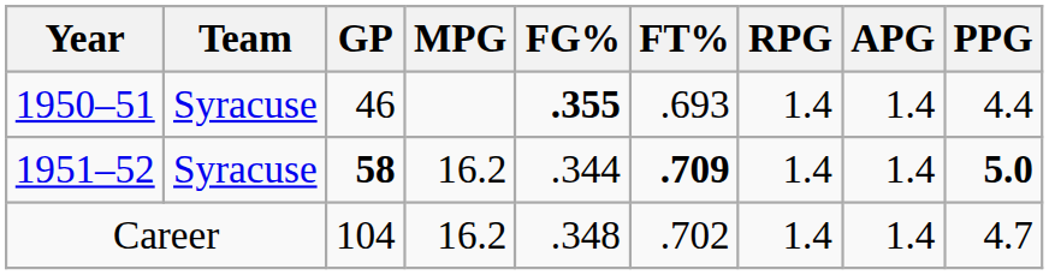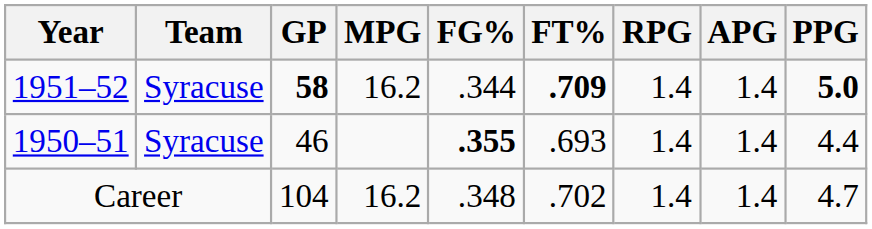 <table class="wikitable sortable" style="font-size:95%; text-align:right;">
 <tr>
 <th>Year</th>
 <th>Team</th>
 <th>GP</th>
 <th>MPG</th>
 <th>FG%</th>
 <th>FT%</th>
 <th>RPG</th>
 <th>APG</th>
 <th>PPG</th>
 </tr>
 <tr>
+<td style="text-align:left;"><a href='#'>1951–52</a></td>
+<td style="text-align:left;"><a href='#'>Syracuse</a></td>
+<td><strong>58</strong></td>
+<td>16.2</td>
+<td>.344</td>
+<td><strong>.709</strong></td>
+<td>1.4</td>
+<td>1.4</td>
+<td><strong>5.0</strong></td>
+</tr>
+<tr>
 <td style="text-align:left;"><a href='#'>1950–51</a></td>
 <td style="text-align:left;"><a href='#'>Syracuse</a></td>
 <td>46</td>
 <td></td>
 <td><strong>.355</strong></td>
 <td>.693</td>
 <td>1.4</td>
 <td>1.4</td>
 <td>4.4</td>
-</tr>
-<tr>
-<td style="text-align:left;"><a href='#'>1951–52</a></td>
-<td style="text-align:left;"><a href='#'>Syracuse</a></td>
-<td><strong>58</strong></td>
-<td>16.2</td>
-<td>.344</td>
-<td><strong>.709</strong></td>
-<td>1.4</td>
-<td>1.4</td>
-<td><strong>5.0</strong></td>
 </tr>
 <tr>
 <td colspan="2" style="text-align:center;">Career</td>
 <td>104</td>
 <td>16.2</td>
 <td>.348</td>
 <td>.702</td>
 <td>1.4</td>
 <td>1.4</td>
 <td>4.7</td>
 </tr>
 </table>
